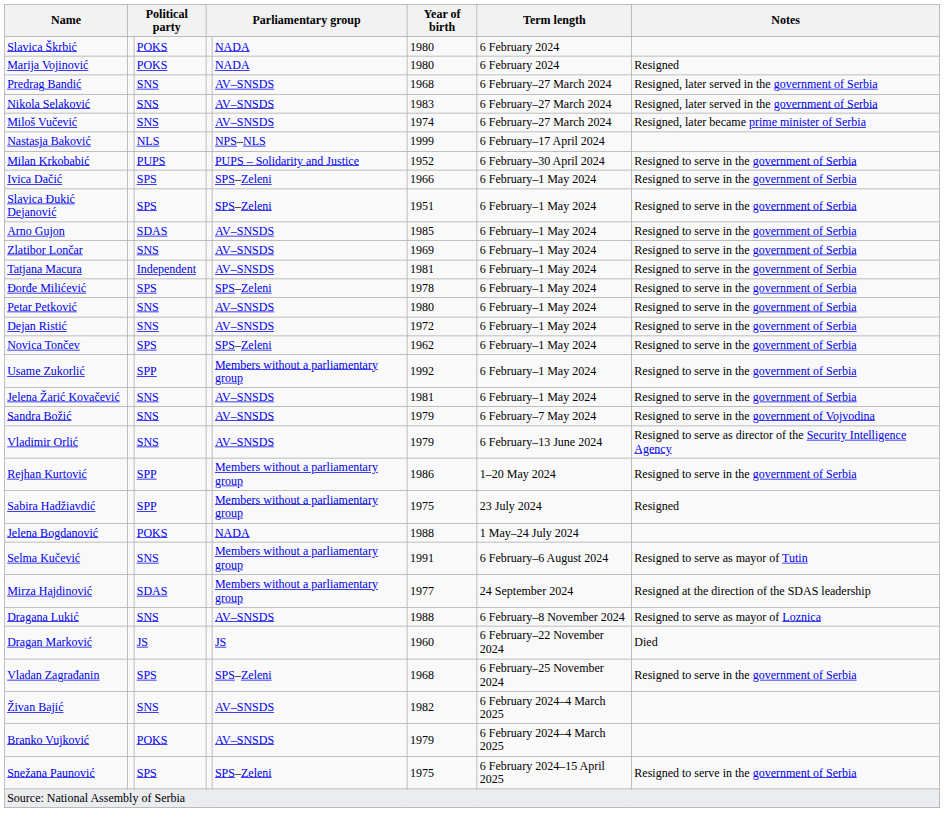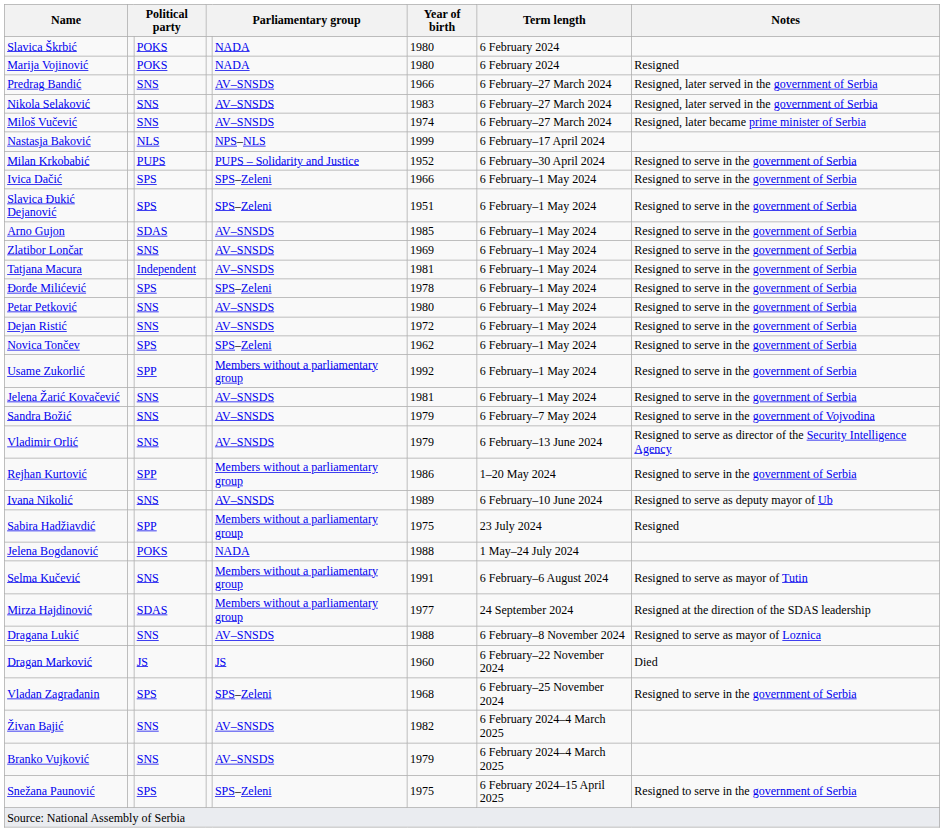 <table class="wikitable sortable" style="text-align:left">
 <tr>
 <th>Name</th>
 <th colspan="2">Political party</th>
 <th colspan="2">Parliamentary group</th>
 <th>Year of birth</th>
 <th>Term length</th>
 <th>Notes</th>
 </tr>
 <tr>
 <td><a href='#'>Slavica Škrbić</a></td>
 <td width="1" style="color:inherit;background: "></td>
 <td><a href='#'>POKS</a></td>
 <td width="1" style="color:inherit;background: "></td>
 <td><a href='#'>NADA</a></td>
 <td>1980</td>
 <td>6 February 2024</td>
 <td></td>
 </tr>
 <tr>
 <td><a href='#'>Marija Vojinović</a></td>
 <td width="1" style="color:inherit;background: "></td>
 <td><a href='#'>POKS</a></td>
 <td width="1" style="color:inherit;background: "></td>
 <td><a href='#'>NADA</a></td>
 <td>1980</td>
 <td>6 February 2024</td>
 <td>Resigned</td>
 </tr>
 <tr>
 <td><a href='#'>Predrag Bandić</a></td>
 <td width="1" style="color:inherit;background: "></td>
 <td><a href='#'>SNS</a></td>
 <td width="1" style="color:inherit;background: "></td>
 <td><a href='#'>AV–SNSDS</a></td>
-<td>1968</td>
+<td>1966</td>
 <td>6 February–27 March 2024</td>
 <td>Resigned, later served in the <a href='#'>government of Serbia</a></td>
 </tr>
 <tr>
 <td><a href='#'>Nikola Selaković</a></td>
 <td width="1" style="color:inherit;background: "></td>
 <td><a href='#'>SNS</a></td>
 <td width="1" style="color:inherit;background: "></td>
 <td><a href='#'>AV–SNSDS</a></td>
 <td>1983</td>
 <td>6 February–27 March 2024</td>
 <td>Resigned, later served in the <a href='#'>government of Serbia</a></td>
 </tr>
 <tr>
 <td><a href='#'>Miloš Vučević</a></td>
 <td width="1" style="color:inherit;background: "></td>
 <td><a href='#'>SNS</a></td>
 <td width="1" style="color:inherit;background: "></td>
 <td><a href='#'>AV–SNSDS</a></td>
 <td>1974</td>
 <td>6 February–27 March 2024</td>
 <td>Resigned, later became <a href='#'>prime minister of Serbia</a></td>
 </tr>
 <tr>
 <td><a href='#'>Nastasja Baković</a></td>
 <td width="1" style="color:inherit;background: "></td>
 <td><a href='#'>NLS</a></td>
 <td width="1" style="color:inherit;background: "></td>
 <td><a href='#'>NPS</a>–<a href='#'>NLS</a></td>
 <td>1999</td>
 <td>6 February–17 April 2024</td>
 <td></td>
 </tr>
 <tr>
 <td><a href='#'>Milan Krkobabić</a></td>
 <td width="1" style="color:inherit;background: "></td>
 <td><a href='#'>PUPS</a></td>
 <td width="1" style="color:inherit;background: "></td>
 <td><a href='#'>PUPS – Solidarity and Justice</a></td>
 <td>1952</td>
 <td>6 February–30 April 2024</td>
 <td>Resigned to serve in the <a href='#'>government of Serbia</a></td>
 </tr>
 <tr>
 <td><a href='#'>Ivica Dačić</a></td>
 <td width="1" style="color:inherit;background: "></td>
 <td><a href='#'>SPS</a></td>
 <td width="1" style="color:inherit;background: "></td>
 <td><a href='#'>SPS</a>–<a href='#'>Zeleni</a></td>
 <td>1966</td>
 <td>6 February–1 May 2024</td>
 <td>Resigned to serve in the <a href='#'>government of Serbia</a></td>
 </tr>
 <tr>
 <td><a href='#'>Slavica Đukić Dejanović</a></td>
 <td width="1" style="color:inherit;background: "></td>
 <td><a href='#'>SPS</a></td>
 <td width="1" style="color:inherit;background: "></td>
 <td><a href='#'>SPS</a>–<a href='#'>Zeleni</a></td>
 <td>1951</td>
 <td>6 February–1 May 2024</td>
 <td>Resigned to serve in the <a href='#'>government of Serbia</a></td>
 </tr>
 <tr>
 <td><a href='#'>Arno Gujon</a></td>
 <td width="1" style="color:inherit;background: "></td>
 <td><a href='#'>SDAS</a></td>
 <td width="1" style="color:inherit;background: "></td>
 <td><a href='#'>AV–SNSDS</a></td>
 <td>1985</td>
 <td>6 February–1 May 2024</td>
 <td>Resigned to serve in the <a href='#'>government of Serbia</a></td>
 </tr>
 <tr>
 <td><a href='#'>Zlatibor Lončar</a></td>
 <td width="1" style="color:inherit;background: "></td>
 <td><a href='#'>SNS</a></td>
 <td width="1" style="color:inherit;background: "></td>
 <td><a href='#'>AV–SNSDS</a></td>
 <td>1969</td>
 <td>6 February–1 May 2024</td>
 <td>Resigned to serve in the <a href='#'>government of Serbia</a></td>
 </tr>
 <tr>
 <td><a href='#'>Tatjana Macura</a></td>
 <td width="1" style="color:inherit;background: "></td>
 <td><a href='#'>Independent</a></td>
 <td width="1" style="color:inherit;background: "></td>
 <td><a href='#'>AV–SNSDS</a></td>
 <td>1981</td>
 <td>6 February–1 May 2024</td>
 <td>Resigned to serve in the <a href='#'>government of Serbia</a></td>
 </tr>
 <tr>
 <td><a href='#'>Đorđe Milićević</a></td>
 <td width="1" style="color:inherit;background: "></td>
 <td><a href='#'>SPS</a></td>
 <td width="1" style="color:inherit;background: "></td>
 <td><a href='#'>SPS</a>–<a href='#'>Zeleni</a></td>
 <td>1978</td>
 <td>6 February–1 May 2024</td>
 <td>Resigned to serve in the <a href='#'>government of Serbia</a></td>
 </tr>
 <tr>
 <td><a href='#'>Petar Petković</a></td>
 <td width="1" style="color:inherit;background: "></td>
 <td><a href='#'>SNS</a></td>
 <td width="1" style="color:inherit;background: "></td>
 <td><a href='#'>AV–SNSDS</a></td>
 <td>1980</td>
 <td>6 February–1 May 2024</td>
 <td>Resigned to serve in the <a href='#'>government of Serbia</a></td>
 </tr>
 <tr>
 <td><a href='#'>Dejan Ristić</a></td>
 <td width="1" style="color:inherit;background: "></td>
 <td><a href='#'>SNS</a></td>
 <td width="1" style="color:inherit;background: "></td>
 <td><a href='#'>AV–SNSDS</a></td>
 <td>1972</td>
 <td>6 February–1 May 2024</td>
 <td>Resigned to serve in the <a href='#'>government of Serbia</a></td>
 </tr>
 <tr>
 <td><a href='#'>Novica Tončev</a></td>
 <td width="1" style="color:inherit;background: "></td>
 <td><a href='#'>SPS</a></td>
 <td width="1" style="color:inherit;background: "></td>
 <td><a href='#'>SPS</a>–<a href='#'>Zeleni</a></td>
 <td>1962</td>
 <td>6 February–1 May 2024</td>
 <td>Resigned to serve in the <a href='#'>government of Serbia</a></td>
 </tr>
 <tr>
 <td><a href='#'>Usame Zukorlić</a></td>
 <td width="1" style="color:inherit;background: "></td>
 <td><a href='#'>SPP</a></td>
 <td width="1" style="color:inherit;background: "></td>
 <td><a href='#'>Members without a parliamentary group</a></td>
 <td>1992</td>
 <td>6 February–1 May 2024</td>
 <td>Resigned to serve in the <a href='#'>government of Serbia</a></td>
 </tr>
 <tr>
 <td><a href='#'>Jelena Žarić Kovačević</a></td>
 <td width="1" style="color:inherit;background: "></td>
 <td><a href='#'>SNS</a></td>
 <td width="1" style="color:inherit;background: "></td>
 <td><a href='#'>AV–SNSDS</a></td>
 <td>1981</td>
 <td>6 February–1 May 2024</td>
 <td>Resigned to serve in the <a href='#'>government of Serbia</a></td>
 </tr>
 <tr>
 <td><a href='#'>Sandra Božić</a></td>
 <td width="1" style="color:inherit;background: "></td>
 <td><a href='#'>SNS</a></td>
 <td width="1" style="color:inherit;background: "></td>
 <td><a href='#'>AV–SNSDS</a></td>
 <td>1979</td>
 <td>6 February–7 May 2024</td>
 <td>Resigned to serve in the <a href='#'>government of Vojvodina</a></td>
 </tr>
 <tr>
 <td><a href='#'>Vladimir Orlić</a></td>
 <td width="1" style="color:inherit;background: "></td>
 <td><a href='#'>SNS</a></td>
 <td width="1" style="color:inherit;background: "></td>
 <td><a href='#'>AV–SNSDS</a></td>
 <td>1979</td>
 <td>6 February–13 June 2024</td>
 <td>Resigned to serve as director of the <a href='#'>Security Intelligence Agency</a></td>
 </tr>
 <tr>
 <td><a href='#'>Rejhan Kurtović</a></td>
 <td width="1" style="color:inherit;background: "></td>
 <td><a href='#'>SPP</a></td>
 <td width="1" style="color:inherit;background: "></td>
 <td><a href='#'>Members without a parliamentary group</a></td>
 <td>1986</td>
 <td>1–20 May 2024</td>
 <td>Resigned to serve in the <a href='#'>government of Serbia</a></td>
 </tr>
 <tr>
+<td><a href='#'>Ivana Nikolić</a></td>
+<td width="1" style="color:inherit;background: "></td>
+<td><a href='#'>SNS</a></td>
+<td width="1" style="color:inherit;background: "></td>
+<td><a href='#'>AV–SNSDS</a></td>
+<td>1989</td>
+<td>6 February–10 June 2024</td>
+<td>Resigned to serve as deputy mayor of <a href='#'>Ub</a></td>
+</tr>
+<tr>
 <td><a href='#'>Sabira Hadžiavdić</a></td>
 <td width="1" style="color:inherit;background: "></td>
 <td><a href='#'>SPP</a></td>
 <td width="1" style="color:inherit;background: "></td>
 <td><a href='#'>Members without a parliamentary group</a></td>
 <td>1975</td>
 <td>23 July 2024</td>
 <td>Resigned</td>
 </tr>
 <tr>
 <td><a href='#'>Jelena Bogdanović</a></td>
 <td width="1" style="color:inherit;background: "></td>
 <td><a href='#'>POKS</a></td>
 <td width="1" style="color:inherit;background: "></td>
 <td><a href='#'>NADA</a></td>
 <td>1988</td>
 <td>1 May–24 July 2024</td>
 <td></td>
 </tr>
 <tr>
 <td><a href='#'>Selma Kučević</a></td>
 <td width="1" style="color:inherit;background: "></td>
 <td><a href='#'>SNS</a></td>
 <td width="1" style="color:inherit;background: "></td>
 <td><a href='#'>Members without a parliamentary group</a></td>
 <td>1991</td>
 <td>6 February–6 August 2024</td>
 <td>Resigned to serve as mayor of <a href='#'>Tutin</a></td>
 </tr>
 <tr>
 <td><a href='#'>Mirza Hajdinović</a></td>
 <td width="1" style="color:inherit;background: "></td>
 <td><a href='#'>SDAS</a></td>
 <td width="1" style="color:inherit;background: "></td>
 <td><a href='#'>Members without a parliamentary group</a></td>
 <td>1977</td>
 <td>24 September 2024</td>
 <td>Resigned at the direction of the SDAS leadership</td>
 </tr>
 <tr>
 <td><a href='#'>Dragana Lukić</a></td>
 <td width="1" style="color:inherit;background: "></td>
 <td><a href='#'>SNS</a></td>
 <td width="1" style="color:inherit;background: "></td>
 <td><a href='#'>AV–SNSDS</a></td>
 <td>1988</td>
 <td>6 February–8 November 2024</td>
 <td>Resigned to serve as mayor of <a href='#'>Loznica</a></td>
 </tr>
 <tr>
 <td><a href='#'>Dragan Marković</a></td>
 <td width="1" style="color:inherit;background: "></td>
 <td><a href='#'>JS</a></td>
 <td width="1" style="color:inherit;background: "></td>
 <td><a href='#'>JS</a></td>
 <td>1960</td>
 <td>6 February–22 November 2024</td>
 <td>Died</td>
 </tr>
 <tr>
 <td><a href='#'>Vladan Zagrađanin</a></td>
 <td width="1" style="color:inherit;background: "></td>
 <td><a href='#'>SPS</a></td>
 <td width="1" style="color:inherit;background: "></td>
 <td><a href='#'>SPS</a>–<a href='#'>Zeleni</a></td>
 <td>1968</td>
 <td>6 February–25 November 2024</td>
 <td>Resigned to serve in the <a href='#'>government of Serbia</a></td>
 </tr>
 <tr>
 <td><a href='#'>Živan Bajić</a></td>
 <td width="1" style="color:inherit;background: "></td>
 <td><a href='#'>SNS</a></td>
 <td width="1" style="color:inherit;background: "></td>
 <td><a href='#'>AV–SNSDS</a></td>
 <td>1982</td>
 <td>6 February 2024–4 March 2025</td>
 <td></td>
 </tr>
 <tr>
 <td><a href='#'>Branko Vujković</a></td>
 <td width="1" style="color:inherit;background: "></td>
-<td><a href='#'>POKS</a></td>
+<td><a href='#'>SNS</a></td>
 <td width="1" style="color:inherit;background: "></td>
 <td><a href='#'>AV–SNSDS</a></td>
 <td>1979</td>
 <td>6 February 2024–4 March 2025</td>
 <td></td>
 </tr>
 <tr>
 <td><a href='#'>Snežana Paunović</a></td>
 <td width="1" style="color:inherit;background: "></td>
 <td><a href='#'>SPS</a></td>
 <td width="1" style="color:inherit;background: "></td>
 <td><a href='#'>SPS</a>–<a href='#'>Zeleni</a></td>
 <td>1975</td>
 <td>6 February 2024–15 April 2025</td>
 <td>Resigned to serve in the <a href='#'>government of Serbia</a></td>
 </tr>
 <tr>
 <td style="background-color:#EAECF0" colspan="8">Source: National Assembly of Serbia</td>
 </tr>
 </table>
